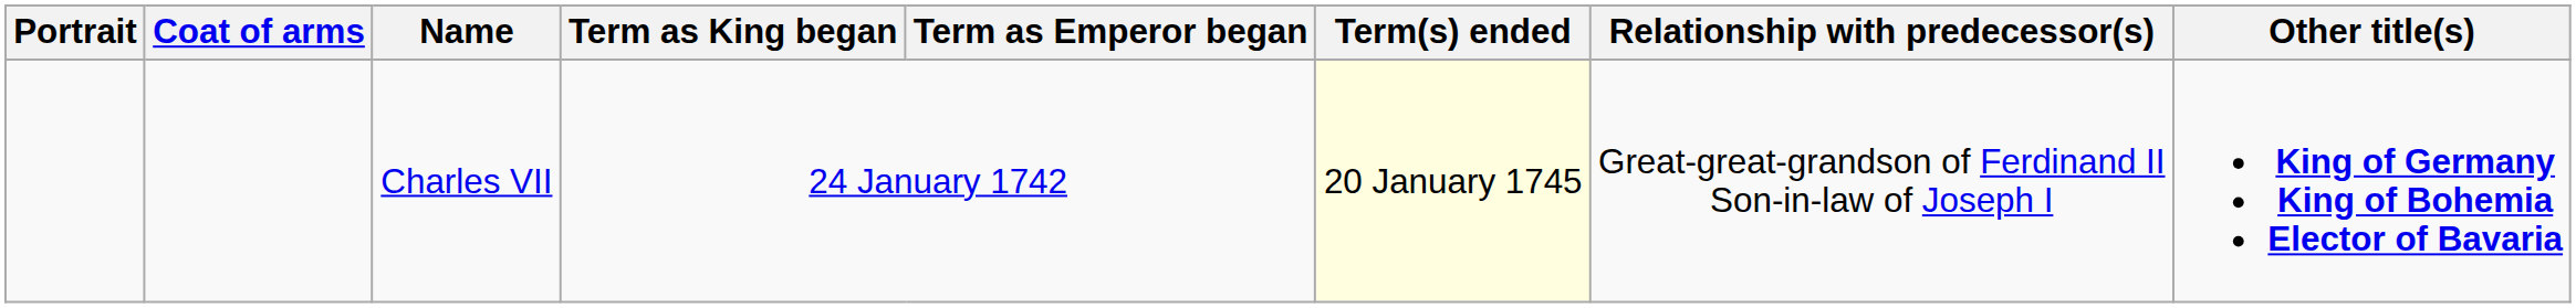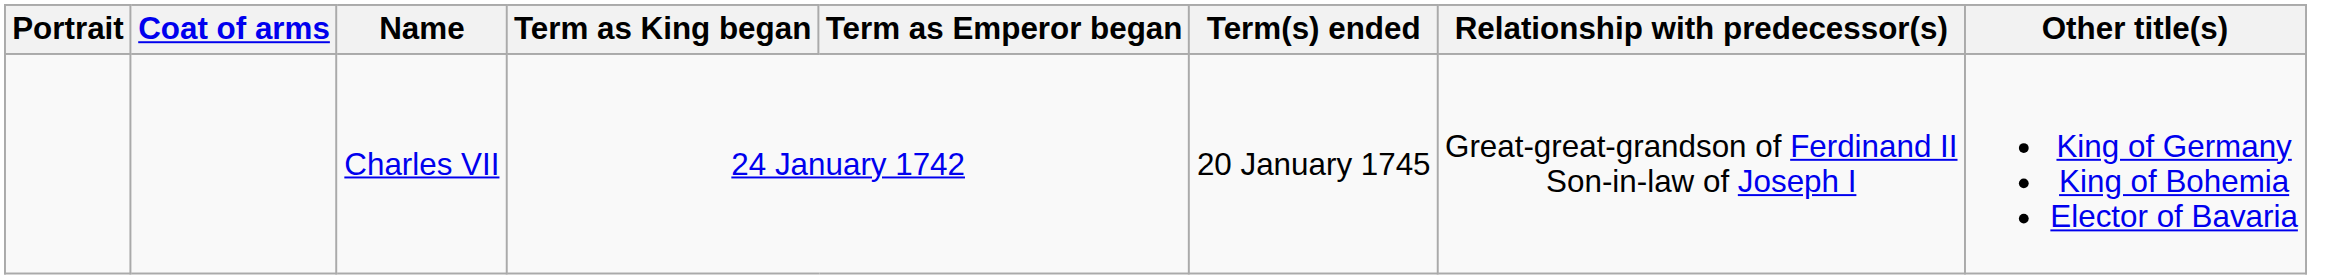 <table class="wikitable" style="text-align:center">
 <tr>
 <th>Portrait</th>
 <th><a href='#'>Coat of arms</a></th>
 <th>Name<br></th>
 <th>Term as King began</th>
 <th>Term as Emperor began</th>
 <th>Term(s) ended</th>
 <th>Relationship with predecessor(s)</th>
 <th>Other title(s)</th>
 </tr>
 <tr>
 <td></td>
 <td></td>
 <td><a href='#'>Charles VII</a><br></td>
 <td colspan=2><a href='#'>24 January 1742</a></td>
-<td style="background: lightyellow;">20 January 1745</td>
+<td>20 January 1745</td>
 <td>Great-great-grandson of <a href='#'>Ferdinand II</a><br>Son-in-law of <a href='#'>Joseph I</a></td>
-<td class=small><strong><br><ul><li><a href='#'>King of Germany</a></li><li><a href='#'>King of Bohemia</a></li><li><a href='#'>Elector of Bavaria</a></li></ul></strong></td>
+<td class=small><br><ul><li><a href='#'>King of Germany</a></li><li><a href='#'>King of Bohemia</a></li><li><a href='#'>Elector of Bavaria</a></li></ul></td>
 </tr>
 </table>
